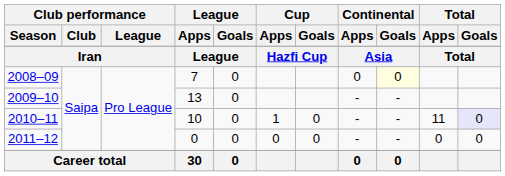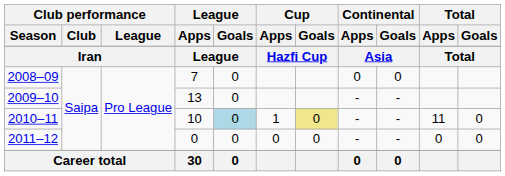 <table class="wikitable" style="text-align:center">
 <tr>
 <th colspan=3>Club performance</th>
 <th colspan=2>League</th>
 <th colspan=2>Cup</th>
 <th colspan=2>Continental</th>
 <th colspan=2>Total</th>
 </tr>
 <tr>
 <th>Season</th>
 <th>Club</th>
 <th>League</th>
 <th>Apps</th>
 <th>Goals</th>
 <th>Apps</th>
 <th>Goals</th>
 <th>Apps</th>
 <th>Goals</th>
 <th>Apps</th>
 <th>Goals</th>
 </tr>
 <tr>
 </tr>
 <tr>
 <th colspan=3>Iran</th>
 <th colspan=2>League</th>
 <th colspan=2><a href='#'>Hazfi Cup</a></th>
 <th colspan=2><a href='#'>Asia</a></th>
 <th colspan=2>Total</th>
 </tr>
 <tr>
 <td><a href='#'>2008–09</a></td>
 <td rowspan="4"><a href='#'>Saipa</a></td>
 <td rowspan="4"><a href='#'>Pro League</a></td>
 <td>7</td>
 <td>0</td>
 <td></td>
 <td></td>
 <td>0</td>
-<td style="background: lightyellow;">0</td>
+<td>0</td>
 <td></td>
 <td></td>
 </tr>
 <tr>
 <td><a href='#'>2009–10</a></td>
 <td>13</td>
 <td>0</td>
 <td></td>
 <td></td>
 <td>-</td>
 <td>-</td>
 <td></td>
 <td></td>
 </tr>
 <tr>
 <td><a href='#'>2010–11</a></td>
 <td>10</td>
-<td>0</td>
+<td style="background: lightblue;">0</td>
 <td>1</td>
-<td>0</td>
+<td style="background: khaki;">0</td>
 <td>-</td>
 <td>-</td>
 <td>11</td>
-<td style="background: lavender;">0</td>
+<td>0</td>
 </tr>
 <tr>
 <td><a href='#'>2011–12</a></td>
 <td>0</td>
 <td>0</td>
 <td>0</td>
 <td>0</td>
 <td>-</td>
 <td>-</td>
 <td>0</td>
 <td>0</td>
 </tr>
 <tr>
 </tr>
 <tr>
 <th colspan=3>Career total</th>
 <th>30</th>
 <th>0</th>
 <th></th>
 <th></th>
 <th>0</th>
 <th>0</th>
 <th></th>
 <th></th>
 </tr>
 </table>
